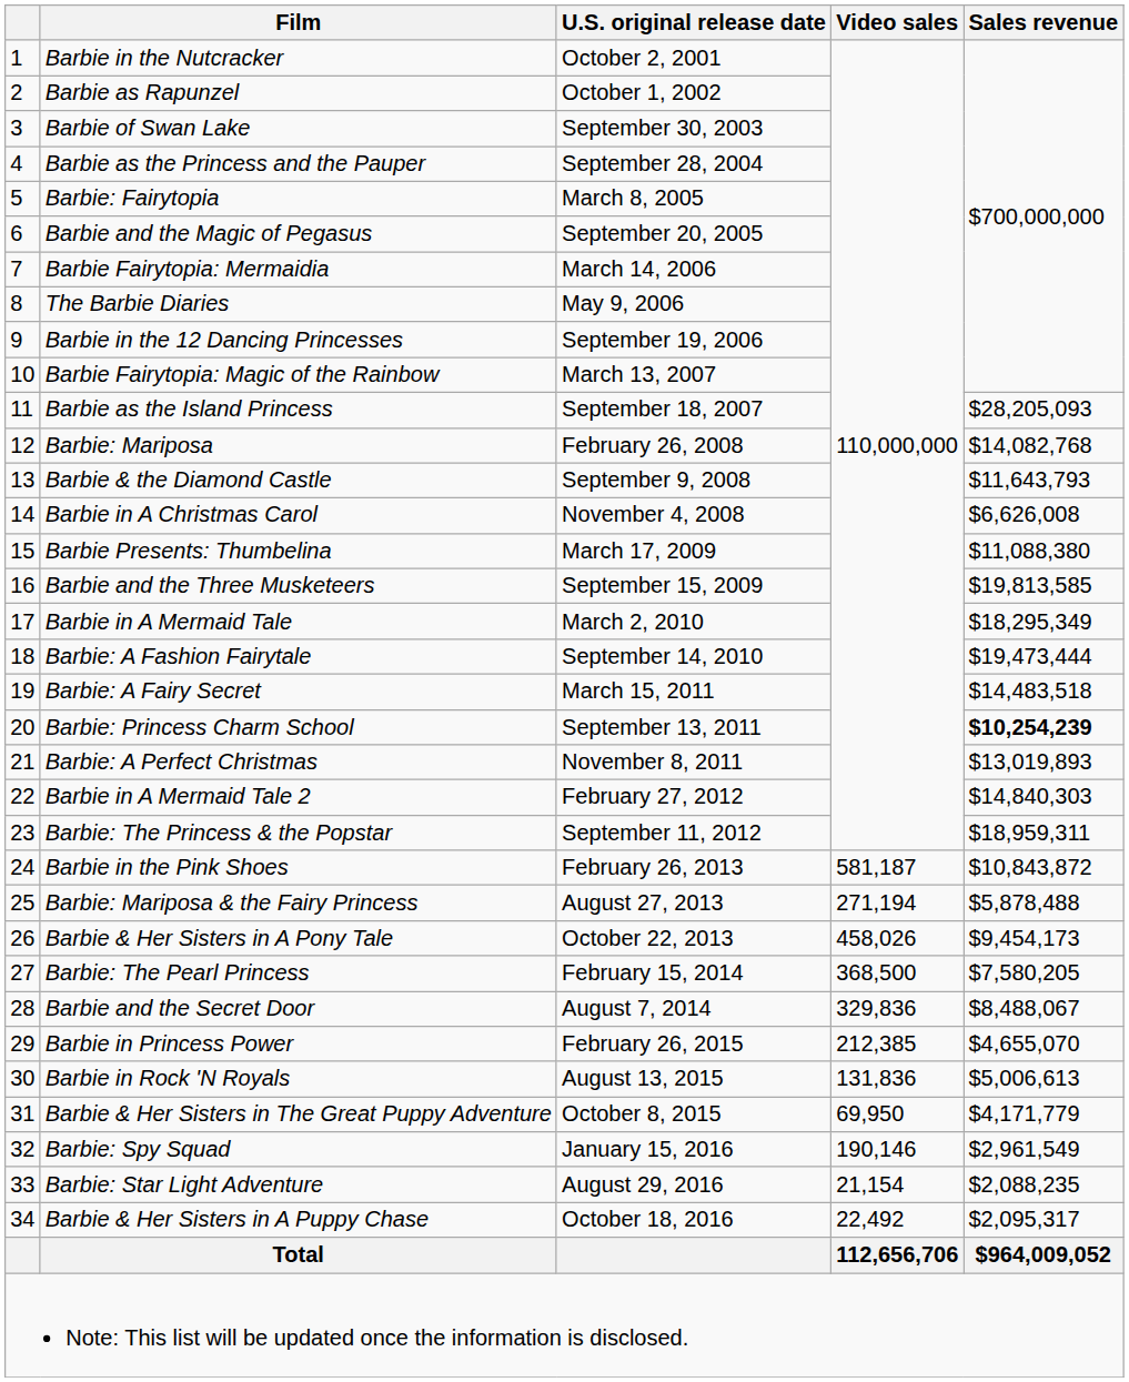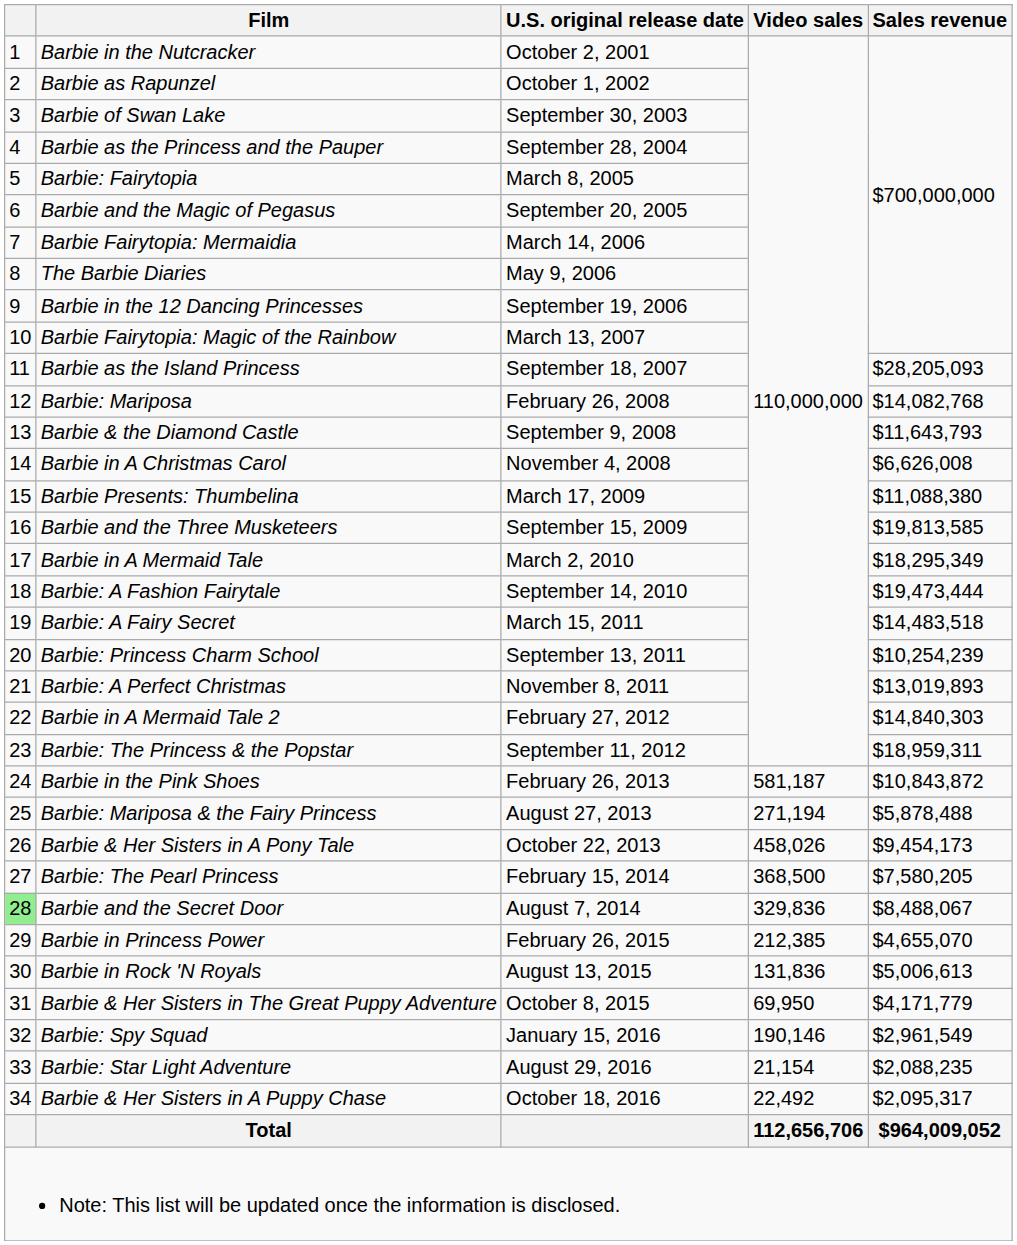 <table class="wikitable sortable">
 <tr>
 <th></th>
 <th>Film</th>
 <th>U.S. original release date</th>
 <th>Video sales</th>
 <th>Sales revenue</th>
 </tr>
 <tr>
 <td>1</td>
 <td><em>Barbie in the Nutcracker</em></td>
 <td>October 2, 2001</td>
 <td rowspan="23">110,000,000</td>
 <td rowspan="10">$700,000,000</td>
 </tr>
 <tr>
 <td>2</td>
 <td><em>Barbie as Rapunzel</em></td>
 <td>October 1, 2002</td>
 </tr>
 <tr>
 <td>3</td>
 <td><em>Barbie of Swan Lake</em></td>
 <td>September 30, 2003</td>
 </tr>
 <tr>
 <td>4</td>
 <td><em>Barbie as the Princess and the Pauper</em></td>
 <td>September 28, 2004</td>
 </tr>
 <tr>
 <td>5</td>
 <td><em>Barbie: Fairytopia</em></td>
 <td>March 8, 2005</td>
 </tr>
 <tr>
 <td>6</td>
 <td><em>Barbie and the Magic of Pegasus</em></td>
 <td>September 20, 2005</td>
 </tr>
 <tr>
 <td>7</td>
 <td><em>Barbie Fairytopia: Mermaidia</em></td>
 <td>March 14, 2006</td>
 </tr>
 <tr>
 <td>8</td>
 <td><em>The Barbie Diaries</em></td>
 <td>May 9, 2006</td>
 </tr>
 <tr>
 <td>9</td>
 <td><em>Barbie in the 12 Dancing Princesses</em></td>
 <td>September 19, 2006</td>
 </tr>
 <tr>
 <td>10</td>
 <td><em>Barbie Fairytopia: Magic of the Rainbow</em></td>
 <td>March 13, 2007</td>
 </tr>
 <tr>
 <td>11</td>
 <td><em>Barbie as the Island Princess</em></td>
 <td>September 18, 2007</td>
 <td>$28,205,093</td>
 </tr>
 <tr>
 <td>12</td>
 <td><em>Barbie: Mariposa</em></td>
 <td>February 26, 2008</td>
 <td>$14,082,768</td>
 </tr>
 <tr>
 <td>13</td>
 <td><em>Barbie & the Diamond Castle</em></td>
 <td>September 9, 2008</td>
 <td>$11,643,793</td>
 </tr>
 <tr>
 <td>14</td>
 <td><em>Barbie in A Christmas Carol</em></td>
 <td>November 4, 2008</td>
 <td>$6,626,008</td>
 </tr>
 <tr>
 <td>15</td>
 <td><em>Barbie Presents: Thumbelina</em></td>
 <td>March 17, 2009</td>
 <td>$11,088,380</td>
 </tr>
 <tr>
 <td>16</td>
 <td><em>Barbie and the Three Musketeers</em></td>
 <td>September 15, 2009</td>
 <td>$19,813,585</td>
 </tr>
 <tr>
 <td>17</td>
 <td><em>Barbie in A Mermaid Tale</em></td>
 <td>March 2, 2010</td>
 <td>$18,295,349</td>
 </tr>
 <tr>
 <td>18</td>
 <td><em>Barbie: A Fashion Fairytale</em></td>
 <td>September 14, 2010</td>
 <td>$19,473,444</td>
 </tr>
 <tr>
 <td>19</td>
 <td><em>Barbie: A Fairy Secret</em></td>
 <td>March 15, 2011</td>
 <td>$14,483,518</td>
 </tr>
 <tr>
 <td>20</td>
 <td><em>Barbie: Princess Charm School</em></td>
 <td>September 13, 2011</td>
-<td><strong>$10,254,239</strong></td>
+<td>$10,254,239</td>
 </tr>
 <tr>
 <td>21</td>
 <td><em>Barbie: A Perfect Christmas</em></td>
 <td>November 8, 2011</td>
 <td>$13,019,893</td>
 </tr>
 <tr>
 <td>22</td>
 <td><em>Barbie in A Mermaid Tale 2</em></td>
 <td>February 27, 2012</td>
 <td>$14,840,303</td>
 </tr>
 <tr>
 <td>23</td>
 <td><em>Barbie: The Princess & the Popstar</em></td>
 <td>September 11, 2012</td>
 <td>$18,959,311</td>
 </tr>
 <tr>
 <td>24</td>
 <td><em>Barbie in the Pink Shoes</em></td>
 <td>February 26, 2013</td>
 <td>581,187</td>
 <td>$10,843,872</td>
 </tr>
 <tr>
 <td>25</td>
 <td><em>Barbie: Mariposa & the Fairy Princess</em></td>
 <td>August 27, 2013</td>
 <td>271,194</td>
 <td>$5,878,488</td>
 </tr>
 <tr>
 <td>26</td>
 <td><em>Barbie & Her Sisters in A Pony Tale</em></td>
 <td>October 22, 2013</td>
 <td>458,026</td>
 <td>$9,454,173</td>
 </tr>
 <tr>
 <td>27</td>
 <td><em>Barbie: The Pearl Princess</em></td>
 <td>February 15, 2014</td>
 <td>368,500</td>
 <td>$7,580,205</td>
 </tr>
 <tr>
-<td>28</td>
+<td style="background: lightgreen;">28</td>
 <td><em>Barbie and the Secret Door</em></td>
 <td>August 7, 2014</td>
 <td>329,836</td>
 <td>$8,488,067</td>
 </tr>
 <tr>
 <td>29</td>
 <td><em>Barbie in Princess Power</em></td>
 <td>February 26, 2015</td>
 <td>212,385</td>
 <td>$4,655,070</td>
 </tr>
 <tr>
 <td>30</td>
 <td><em>Barbie in Rock 'N Royals</em></td>
 <td>August 13, 2015</td>
 <td>131,836</td>
 <td>$5,006,613</td>
 </tr>
 <tr>
 <td>31</td>
 <td><em>Barbie & Her Sisters in The Great Puppy Adventure</em></td>
 <td>October 8, 2015</td>
 <td>69,950</td>
 <td>$4,171,779</td>
 </tr>
 <tr>
 <td>32</td>
 <td><em>Barbie: Spy Squad</em></td>
 <td>January 15, 2016</td>
 <td>190,146</td>
 <td>$2,961,549</td>
 </tr>
 <tr>
 <td>33</td>
 <td><em>Barbie: Star Light Adventure</em></td>
 <td>August 29, 2016</td>
 <td>21,154</td>
 <td>$2,088,235</td>
 </tr>
 <tr>
 <td>34</td>
 <td><em>Barbie & Her Sisters in A Puppy Chase</em></td>
 <td>October 18, 2016</td>
 <td>22,492</td>
 <td>$2,095,317</td>
 </tr>
 <tr>
 <th></th>
 <th>Total</th>
 <th></th>
 <th>112,656,706</th>
 <th>$964,009,052</th>
 </tr>
 <tr>
 <td colspan="5"><br><ul><li>Note: This list will be updated once the information is disclosed.</li></ul></td>
 </tr>
 </table>
